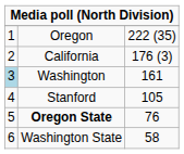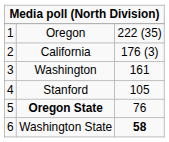 <table class="wikitable" style="display: inline-table;">
 <tr>
 <td align="center" Colspan="3"><strong>Media poll (North Division)</strong></td>
 </tr>
 <tr align="center">
 </tr>
 <tr align="center">
 <td>1</td>
 <td>Oregon</td>
 <td>222 (35)</td>
 </tr>
 <tr align="center">
 <td>2</td>
 <td>California</td>
 <td>176 (3)</td>
 </tr>
 <tr align="center">
-<td style="background: lightblue;">3</td>
+<td>3</td>
 <td>Washington</td>
 <td>161</td>
 </tr>
 <tr align="center">
 <td>4</td>
 <td>Stanford</td>
 <td>105</td>
 </tr>
 <tr align="center">
 <td>5</td>
 <td><strong>Oregon State</strong></td>
 <td>76</td>
 </tr>
 <tr align="center">
 <td>6</td>
 <td>Washington State</td>
-<td>58</td>
+<td><strong>58</strong></td>
 </tr>
 </table>
